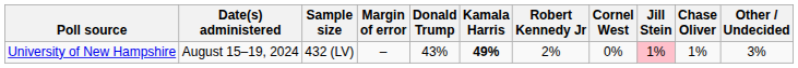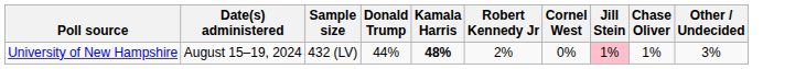 <table class="wikitable sortable mw-datatable" style="font-size:90%;text-align:center;line-height:17px">
 <tr style="vertical-align:bottom">
 <th>Poll source</th>
 <th>Date(s)<br>administered</th>
 <th>Sample<br>size</th>
-<th>Margin<br>of error</th>
 <th class="unsortable">Donald<br>Trump<br></th>
 <th class="unsortable">Kamala<br>Harris<br></th>
 <th class="unsortable">Robert<br>Kennedy Jr<br></th>
 <th class="unsortable">Cornel<br>West<br></th>
 <th class="unsortable">Jill<br>Stein<br></th>
 <th class="unsortable">Chase<br>Oliver<br></th>
 <th class="unsortable">Other /<br>Undecided</th>
 </tr>
 <tr>
 <td style="text-align:left;"><a href='#'>University of New Hampshire</a></td>
 <td data-sort-value="2024-08-19">August 15–19, 2024</td>
 <td>432 (LV)</td>
-<td>–</td>
-<td>43%</td>
-<td style="color:black;background-color:"><strong>49%</strong></td>
+<td>44%</td>
+<td style="color:black;background-color:"><strong>48%</strong></td>
 <td>2%</td>
 <td>0%</td>
 <td style="background: pink;">1%</td>
 <td>1%</td>
 <td>3%</td>
 </tr>
 </table>
